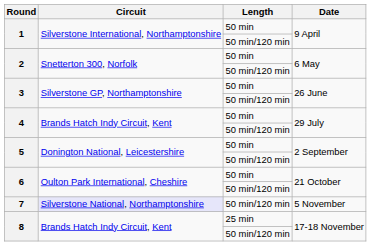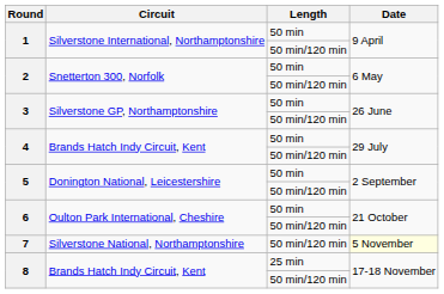 <table class="wikitable" style="font-size: 85%;">
 <tr>
 <th>Round</th>
 <th>Circuit</th>
 <th>Length</th>
 <th>Date</th>
 </tr>
 <tr>
 <th rowspan=2>1</th>
 <td rowspan=2> <a href='#'>Silverstone International</a>, <a href='#'>Northamptonshire</a></td>
 <td>50 min</td>
 <td rowspan=2>9 April</td>
 </tr>
 <tr>
 <td>50 min/120 min</td>
 </tr>
 <tr>
 <th rowspan=2>2</th>
 <td rowspan=2> <a href='#'>Snetterton 300</a>, <a href='#'>Norfolk</a></td>
 <td>50 min</td>
 <td rowspan=2>6 May</td>
 </tr>
 <tr>
 <td>50 min/120 min</td>
 </tr>
 <tr>
 <th rowspan=2>3</th>
 <td rowspan=2> <a href='#'>Silverstone GP</a>, <a href='#'>Northamptonshire</a></td>
 <td>50 min</td>
 <td rowspan=2>26 June</td>
 </tr>
 <tr>
 <td>50 min/120 min</td>
 </tr>
 <tr>
 <th rowspan=2>4</th>
 <td rowspan=2> <a href='#'>Brands Hatch Indy Circuit</a>, <a href='#'>Kent</a></td>
 <td>50 min</td>
 <td rowspan=2>29 July</td>
 </tr>
 <tr>
 <td>50 min/120 min</td>
 </tr>
 <tr>
 <th rowspan=2>5</th>
 <td rowspan=2> <a href='#'>Donington National</a>, <a href='#'>Leicestershire</a></td>
 <td>50 min</td>
 <td rowspan=2>2 September</td>
 </tr>
 <tr>
 <td>50 min/120 min</td>
 </tr>
 <tr>
 <th rowspan=2>6</th>
 <td rowspan=2> <a href='#'>Oulton Park International</a>, <a href='#'>Cheshire</a></td>
 <td>50 min</td>
 <td rowspan=2>21 October</td>
 </tr>
 <tr>
 <td>50 min/120 min</td>
 </tr>
 <tr>
 <th>7</th>
-<td style="background: lavender;"> <a href='#'>Silverstone National</a>, <a href='#'>Northamptonshire</a></td>
+<td> <a href='#'>Silverstone National</a>, <a href='#'>Northamptonshire</a></td>
 <td>50 min/120 min</td>
-<td>5 November</td>
+<td style="background: lightyellow;">5 November</td>
 </tr>
 <tr>
 <th rowspan=2>8</th>
 <td rowspan=2> <a href='#'>Brands Hatch Indy Circuit</a>, <a href='#'>Kent</a></td>
 <td>25 min</td>
 <td rowspan=2>17-18 November</td>
 </tr>
 <tr>
 <td>50 min/120 min</td>
 </tr>
 </table>
